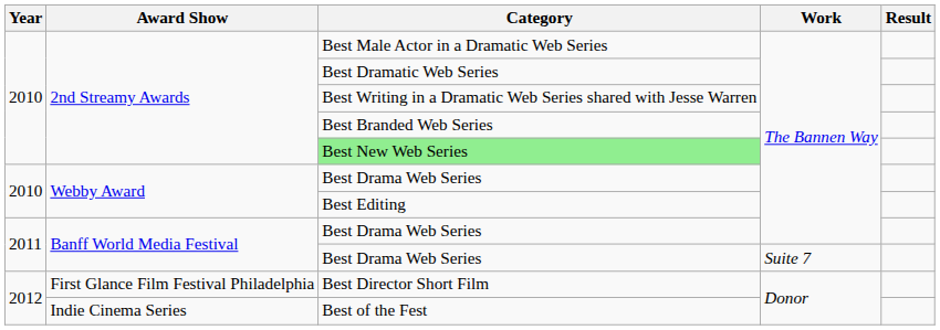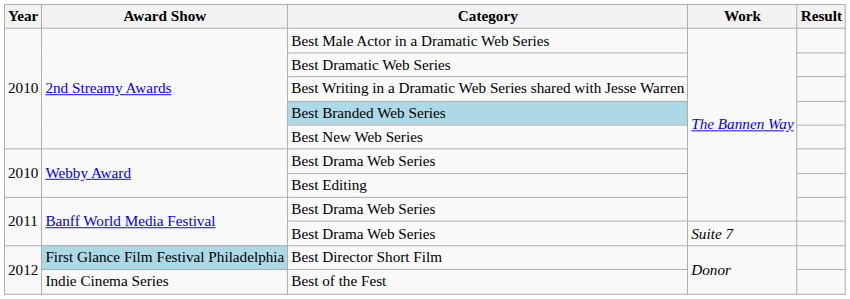 <table class="wikitable">
 <tr>
 <th>Year</th>
 <th>Award Show</th>
 <th>Category</th>
 <th>Work</th>
 <th>Result</th>
 </tr>
 <tr>
 <td rowspan="5">2010</td>
 <td rowspan="5"><a href='#'>2nd Streamy Awards</a></td>
 <td>Best Male Actor in a Dramatic Web Series</td>
 <td rowspan="8"><em><a href='#'>The Bannen Way</a></em></td>
 <td></td>
 </tr>
 <tr>
 <td>Best Dramatic Web Series</td>
 <td></td>
 </tr>
 <tr>
 <td>Best Writing in a Dramatic Web Series shared with Jesse Warren</td>
 <td></td>
 </tr>
 <tr>
-<td>Best Branded Web Series</td>
+<td style="background: lightblue;">Best Branded Web Series</td>
 <td></td>
 </tr>
 <tr>
-<td style="background: lightgreen;">Best New Web Series</td>
+<td>Best New Web Series</td>
 <td></td>
 </tr>
 <tr>
 <td rowspan="2">2010</td>
 <td rowspan="2"><a href='#'>Webby Award</a></td>
 <td>Best Drama Web Series</td>
 <td></td>
 </tr>
 <tr>
 <td>Best Editing</td>
 <td></td>
 </tr>
 <tr>
 <td rowspan="2">2011</td>
 <td rowspan="2"><a href='#'>Banff World Media Festival</a></td>
 <td>Best Drama Web Series</td>
 <td></td>
 </tr>
 <tr>
 <td>Best Drama Web Series</td>
 <td><em>Suite 7</em></td>
 <td></td>
 </tr>
 <tr>
 <td rowspan="2">2012</td>
-<td>First Glance Film Festival Philadelphia</td>
+<td style="background: lightblue;">First Glance Film Festival Philadelphia</td>
 <td>Best Director Short Film</td>
 <td rowspan="2"><em>Donor</em></td>
 <td></td>
 </tr>
 <tr>
 <td rowspan="1">Indie Cinema Series</td>
 <td>Best of the Fest</td>
 <td></td>
 </tr>
 </table>
